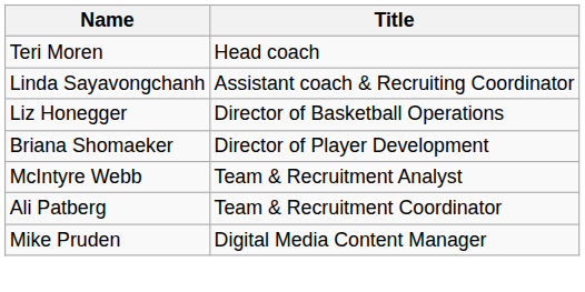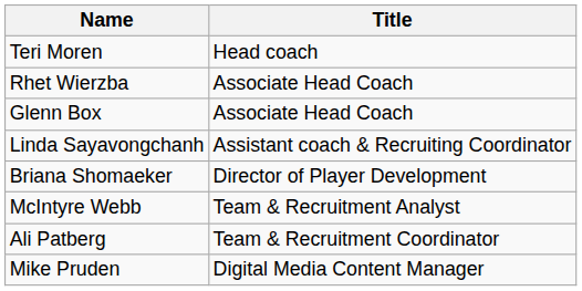 <table class="wikitable">
 <tr>
 <th width=px>Name</th>
 <th width=px>Title</th>
 </tr>
 <tr>
 <td>Teri Moren</td>
 <td>Head coach</td>
 </tr>
 <tr>
+<td>Rhet Wierzba</td>
+<td>Associate Head Coach</td>
+</tr>
+<tr>
+<td>Glenn Box</td>
+<td>Associate Head Coach</td>
+</tr>
+<tr>
 <td>Linda Sayavongchanh</td>
 <td>Assistant coach & Recruiting Coordinator</td>
-</tr>
-<tr>
-<td>Liz Honegger</td>
-<td>Director of Basketball Operations</td>
 </tr>
 <tr>
 <td>Briana Shomaeker</td>
 <td>Director of Player Development</td>
 </tr>
 <tr>
 <td>McIntyre Webb</td>
 <td>Team & Recruitment Analyst</td>
 </tr>
 <tr>
 <td>Ali Patberg</td>
 <td>Team & Recruitment Coordinator</td>
 </tr>
 <tr>
 <td>Mike Pruden</td>
 <td>Digital Media Content Manager</td>
 </tr>
 </table>
